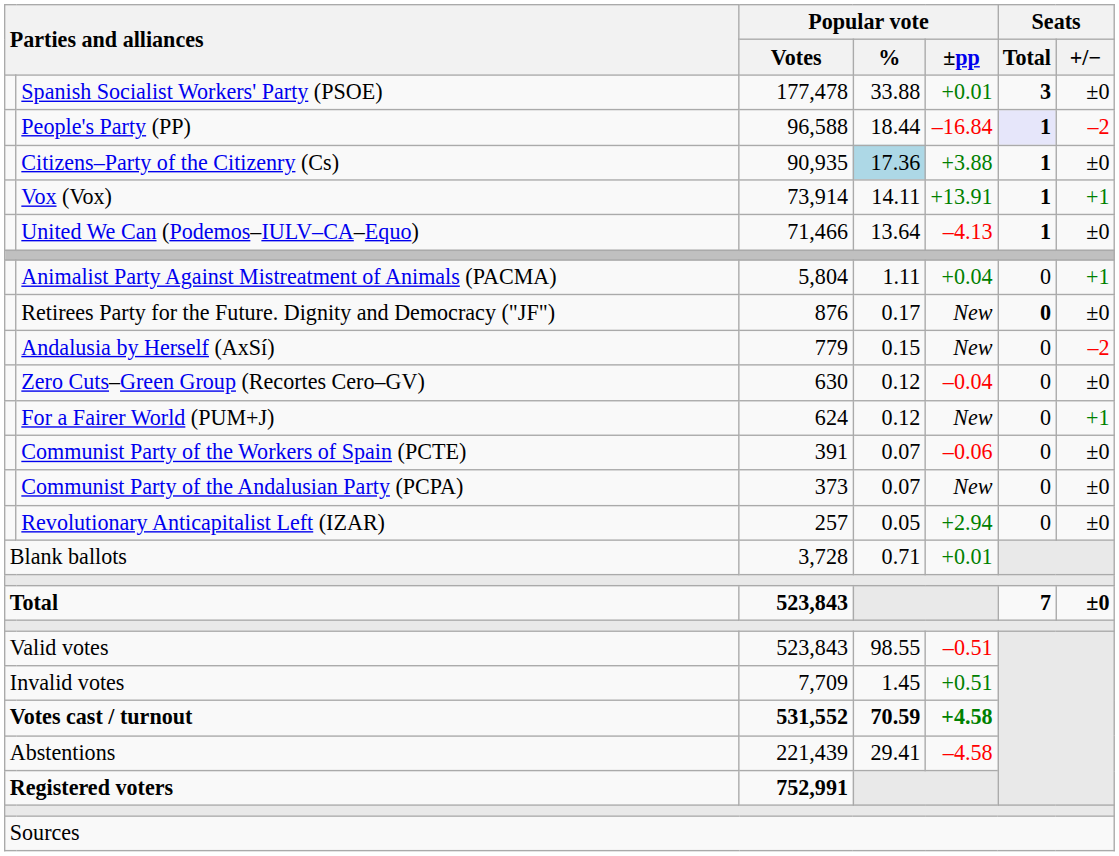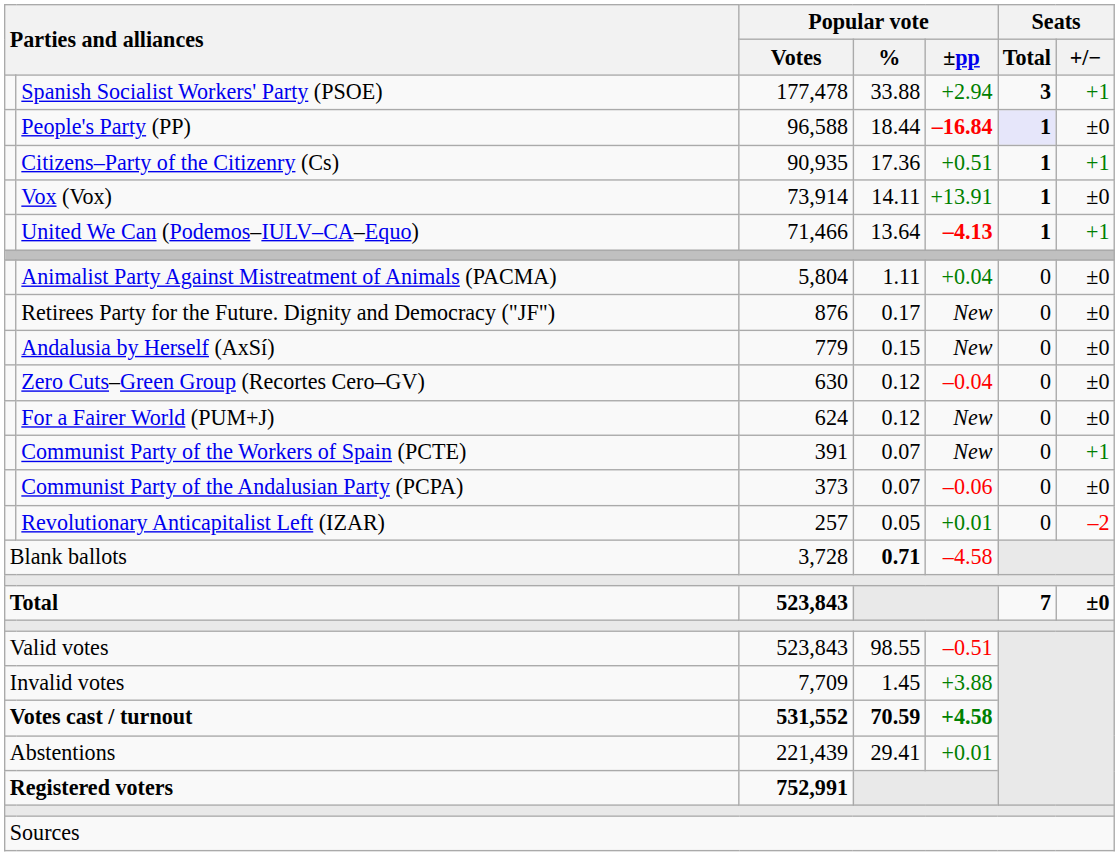 <table class="wikitable" style="text-align:right;">
 <tr>
 <th style="text-align:left;" rowspan="2" colspan="2" width="525">Parties and alliances</th>
 <th colspan="3">Popular vote</th>
 <th colspan="2">Seats</th>
 </tr>
 <tr>
 <th width="75">Votes</th>
 <th width="45">%</th>
 <th width="45">±<a href='#'>pp</a></th>
 <th width="35">Total</th>
 <th width="35">+/−</th>
 </tr>
 <tr>
 <td width="1" style="color:inherit;background:"></td>
 <td align="left"><a href='#'>Spanish Socialist Workers' Party</a> (PSOE)</td>
 <td>177,478</td>
 <td>33.88</td>
-<td style="color:green;">+0.01</td>
+<td style="color:green;">+2.94</td>
 <td><strong>3</strong></td>
-<td>±0</td>
+<td style="color:green;">+1</td>
 </tr>
 <tr>
 <td style="color:inherit;background:"></td>
 <td align="left"><a href='#'>People's Party</a> (PP)</td>
 <td>96,588</td>
 <td>18.44</td>
-<td style="color:red;">–16.84</td>
+<td style="color:red;"><strong>–16.84</strong></td>
 <td style="background: lavender;"><strong>1</strong></td>
-<td style="color:red;">–2</td>
+<td>±0</td>
 </tr>
 <tr>
 <td style="color:inherit;background:"></td>
 <td align="left"><a href='#'>Citizens–Party of the Citizenry</a> (Cs)</td>
 <td>90,935</td>
-<td style="background: lightblue;">17.36</td>
-<td style="color:green;">+3.88</td>
+<td>17.36</td>
+<td style="color:green;">+0.51</td>
 <td><strong>1</strong></td>
-<td>±0</td>
+<td style="color:green;">+1</td>
 </tr>
 <tr>
 <td style="color:inherit;background:"></td>
 <td align="left"><a href='#'>Vox</a> (Vox)</td>
 <td>73,914</td>
 <td>14.11</td>
 <td style="color:green;">+13.91</td>
 <td><strong>1</strong></td>
-<td style="color:green;">+1</td>
+<td>±0</td>
 </tr>
 <tr>
 <td style="color:inherit;background:"></td>
 <td align="left"><a href='#'>United We Can</a> (<a href='#'>Podemos</a>–<a href='#'>IULV–CA</a>–<a href='#'>Equo</a>)</td>
 <td>71,466</td>
 <td>13.64</td>
-<td style="color:red;">–4.13</td>
+<td style="color:red;"><strong>–4.13</strong></td>
 <td><strong>1</strong></td>
-<td>±0</td>
+<td style="color:green;">+1</td>
 </tr>
 <tr>
 <td colspan="7" bgcolor="#C0C0C0"></td>
 </tr>
 <tr>
 <td style="color:inherit;background:"></td>
 <td align="left"><a href='#'>Animalist Party Against Mistreatment of Animals</a> (PACMA)</td>
 <td>5,804</td>
 <td>1.11</td>
 <td style="color:green;">+0.04</td>
 <td>0</td>
-<td style="color:green;">+1</td>
+<td>±0</td>
 </tr>
 <tr>
 <td style="color:inherit;background:"></td>
 <td align="left">Retirees Party for the Future. Dignity and Democracy ("JF")</td>
 <td>876</td>
 <td>0.17</td>
 <td><em>New</em></td>
-<td><strong>0</strong></td>
+<td>0</td>
 <td>±0</td>
 </tr>
 <tr>
 <td style="color:inherit;background:"></td>
 <td align="left"><a href='#'>Andalusia by Herself</a> (AxSí)</td>
 <td>779</td>
 <td>0.15</td>
 <td><em>New</em></td>
 <td>0</td>
-<td style="color:red;">–2</td>
+<td>±0</td>
 </tr>
 <tr>
 <td style="color:inherit;background:"></td>
 <td align="left"><a href='#'>Zero Cuts</a>–<a href='#'>Green Group</a> (Recortes Cero–GV)</td>
 <td>630</td>
 <td>0.12</td>
 <td style="color:red;">–0.04</td>
 <td>0</td>
 <td>±0</td>
 </tr>
 <tr>
 <td style="color:inherit;background:"></td>
 <td align="left"><a href='#'>For a Fairer World</a> (PUM+J)</td>
 <td>624</td>
 <td>0.12</td>
 <td><em>New</em></td>
 <td>0</td>
-<td style="color:green;">+1</td>
+<td>±0</td>
 </tr>
 <tr>
 <td style="color:inherit;background:"></td>
 <td align="left"><a href='#'>Communist Party of the Workers of Spain</a> (PCTE)</td>
 <td>391</td>
 <td>0.07</td>
-<td style="color:red;">–0.06</td>
+<td><em>New</em></td>
 <td>0</td>
-<td>±0</td>
+<td style="color:green;">+1</td>
 </tr>
 <tr>
 <td style="color:inherit;background:"></td>
 <td align="left"><a href='#'>Communist Party of the Andalusian Party</a> (PCPA)</td>
 <td>373</td>
 <td>0.07</td>
-<td><em>New</em></td>
+<td style="color:red;">–0.06</td>
 <td>0</td>
 <td>±0</td>
 </tr>
 <tr>
 <td style="color:inherit;background:"></td>
 <td align="left"><a href='#'>Revolutionary Anticapitalist Left</a> (IZAR)</td>
 <td>257</td>
 <td>0.05</td>
-<td style="color:green;">+2.94</td>
+<td style="color:green;">+0.01</td>
 <td>0</td>
-<td>±0</td>
+<td style="color:red;">–2</td>
 </tr>
 <tr>
 <td align="left" colspan="2">Blank ballots</td>
 <td>3,728</td>
-<td>0.71</td>
-<td style="color:green;">+0.01</td>
+<td><strong>0.71</strong></td>
+<td style="color:red;">–4.58</td>
 <td bgcolor="#E9E9E9" colspan="2"></td>
 </tr>
 <tr>
 <td colspan="7" bgcolor="#E9E9E9"></td>
 </tr>
 <tr style="font-weight:bold;">
 <td align="left" colspan="2">Total</td>
 <td>523,843</td>
 <td bgcolor="#E9E9E9" colspan="2"></td>
 <td>7</td>
 <td>±0</td>
 </tr>
 <tr>
 <td colspan="7" bgcolor="#E9E9E9"></td>
 </tr>
 <tr>
 <td align="left" colspan="2">Valid votes</td>
 <td>523,843</td>
 <td>98.55</td>
 <td style="color:red;">–0.51</td>
 <td bgcolor="#E9E9E9" colspan="2" rowspan="5"></td>
 </tr>
 <tr>
 <td align="left" colspan="2">Invalid votes</td>
 <td>7,709</td>
 <td>1.45</td>
-<td style="color:green;">+0.51</td>
+<td style="color:green;">+3.88</td>
 </tr>
 <tr style="font-weight:bold;">
 <td align="left" colspan="2">Votes cast / turnout</td>
 <td>531,552</td>
 <td>70.59</td>
 <td style="color:green;">+4.58</td>
 </tr>
 <tr>
 <td align="left" colspan="2">Abstentions</td>
 <td>221,439</td>
 <td>29.41</td>
-<td style="color:red;">–4.58</td>
+<td style="color:green;">+0.01</td>
 </tr>
 <tr style="font-weight:bold;">
 <td align="left" colspan="2">Registered voters</td>
 <td>752,991</td>
 <td bgcolor="#E9E9E9" colspan="2"></td>
 </tr>
 <tr>
 <td colspan="7" bgcolor="#E9E9E9"></td>
 </tr>
 <tr>
 <td align="left" colspan="7">Sources</td>
 </tr>
 </table>
